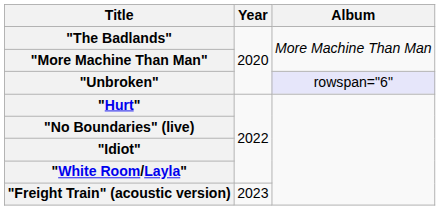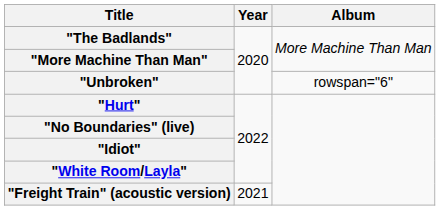 <table class="wikitable plainrowheaders" style="text-align:center;">
 <tr>
 <th scope="col">Title</th>
 <th scope="col">Year</th>
 <th scope="col">Album</th>
 </tr>
 <tr>
 <th scope="row">"The Badlands"</th>
 <td rowspan="3">2020</td>
 <td rowspan="2"><em>More Machine Than Man</em></td>
 </tr>
 <tr>
 <th scope="row">"More Machine Than Man"</th>
 </tr>
 <tr>
 <th scope="row">"Unbroken"<br></th>
-<td style="background: lavender;">rowspan="6" </td>
+<td>rowspan="6" </td>
 </tr>
 <tr>
 <th scope="row">"<a href='#'>Hurt</a>"</th>
 <td rowspan="4">2022</td>
 </tr>
 <tr>
 <th scope="row">"No Boundaries" (live)</th>
 </tr>
 <tr>
 <th scope="row">"Idiot"<br></th>
 </tr>
 <tr>
 <th scope="row">"<a href='#'>White Room</a>/<a href='#'>Layla</a>"<br></th>
 </tr>
 <tr>
 <th scope="row">"Freight Train" (acoustic version)</th>
-<td>2023</td>
+<td>2021</td>
 </tr>
 </table>
